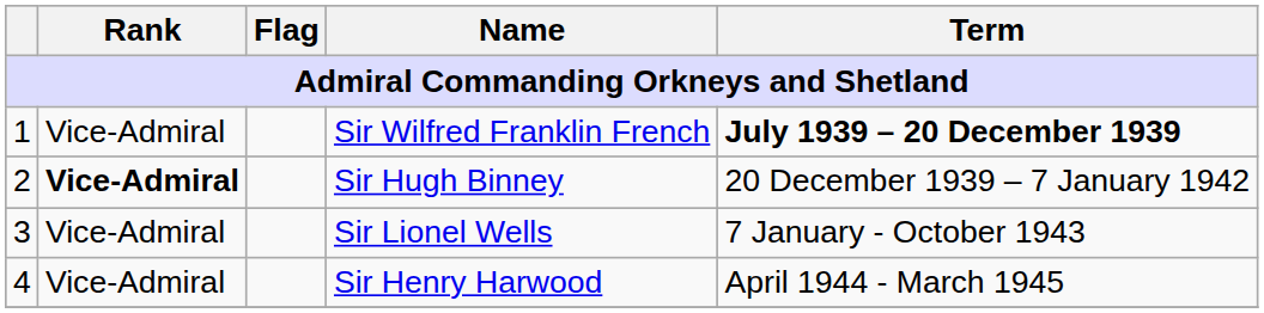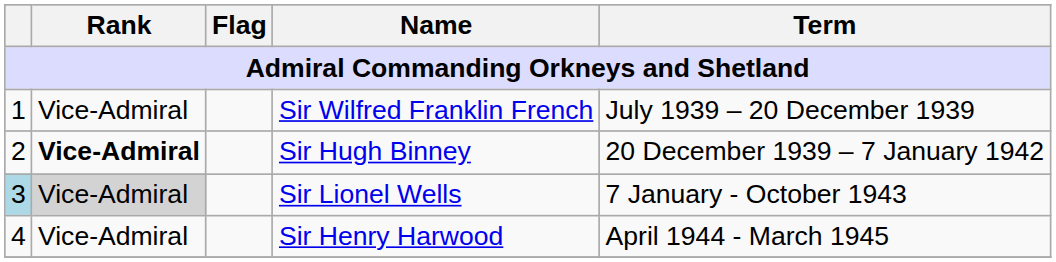 <table class="wikitable">
 <tr>
 <th></th>
 <th>Rank</th>
 <th>Flag</th>
 <th>Name</th>
 <th>Term</th>
 </tr>
 <tr>
 <td colspan="5" align="center" style="background:#dcdcfe;"><strong>Admiral Commanding Orkneys and Shetland</strong></td>
 </tr>
 <tr>
 <td>1</td>
 <td>Vice-Admiral</td>
 <td></td>
 <td><a href='#'>Sir Wilfred Franklin French</a></td>
-<td><strong>July 1939 – 20 December 1939</strong></td>
+<td>July 1939 – 20 December 1939</td>
 </tr>
 <tr>
 <td>2</td>
 <td><strong>Vice-Admiral</strong></td>
 <td></td>
 <td><a href='#'>Sir Hugh Binney</a></td>
 <td>20 December 1939 – 7 January 1942</td>
 </tr>
 <tr>
-<td>3</td>
-<td>Vice-Admiral</td>
+<td style="background: lightblue;">3</td>
+<td style="background: lightgrey;">Vice-Admiral</td>
 <td></td>
 <td><a href='#'>Sir Lionel Wells</a></td>
 <td>7 January - October 1943</td>
 </tr>
 <tr>
 <td>4</td>
 <td>Vice-Admiral</td>
 <td></td>
 <td><a href='#'>Sir Henry Harwood</a></td>
 <td>April 1944 - March 1945</td>
 </tr>
 <tr>
 </tr>
 </table>
